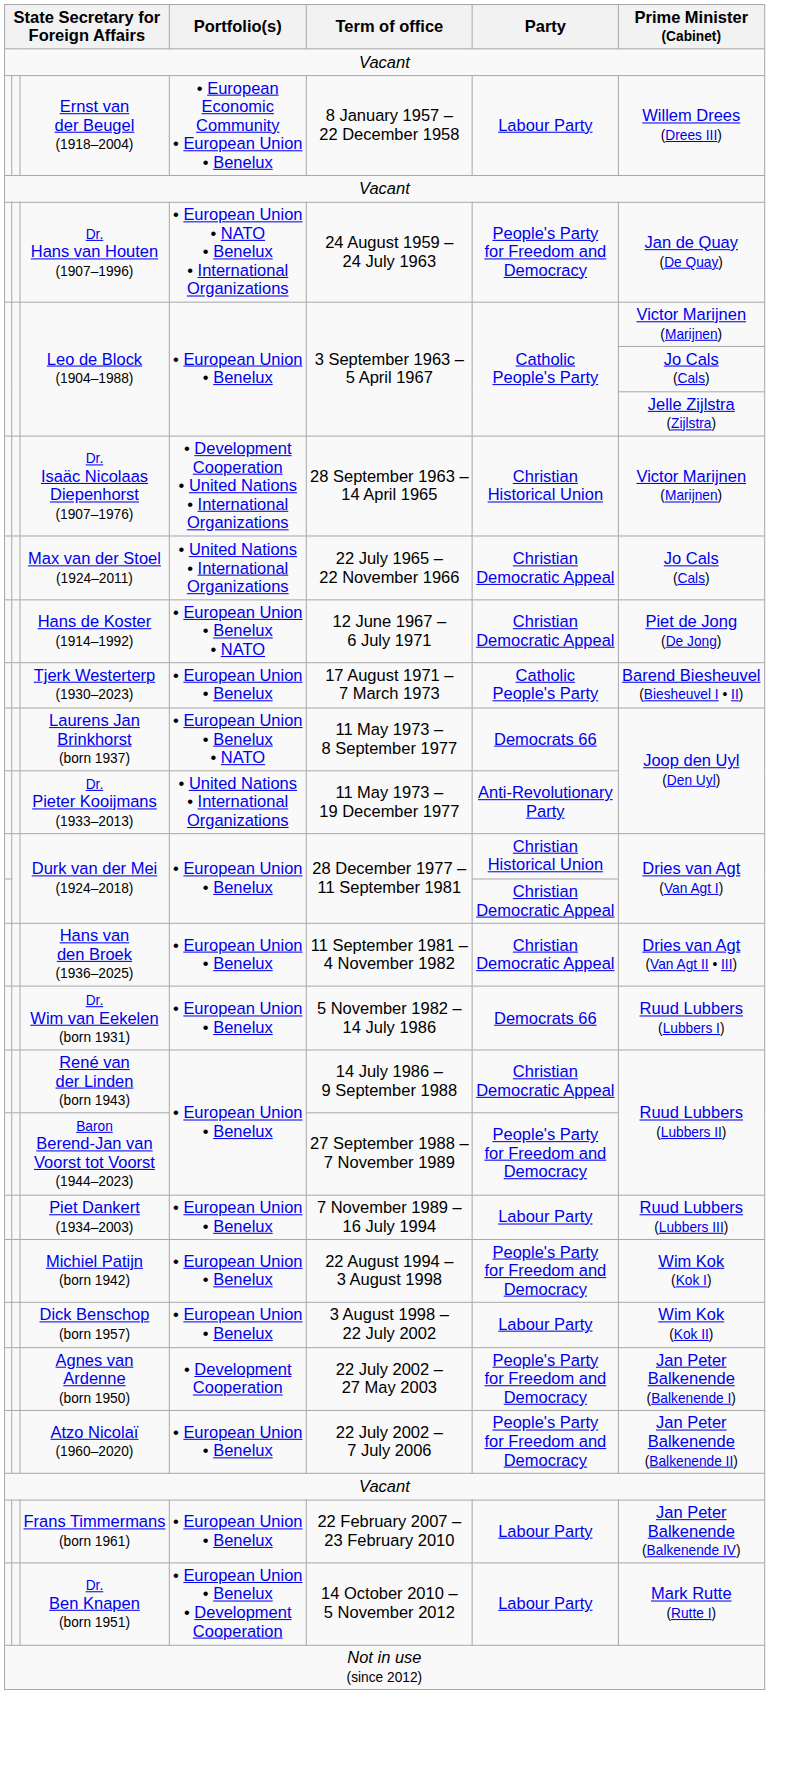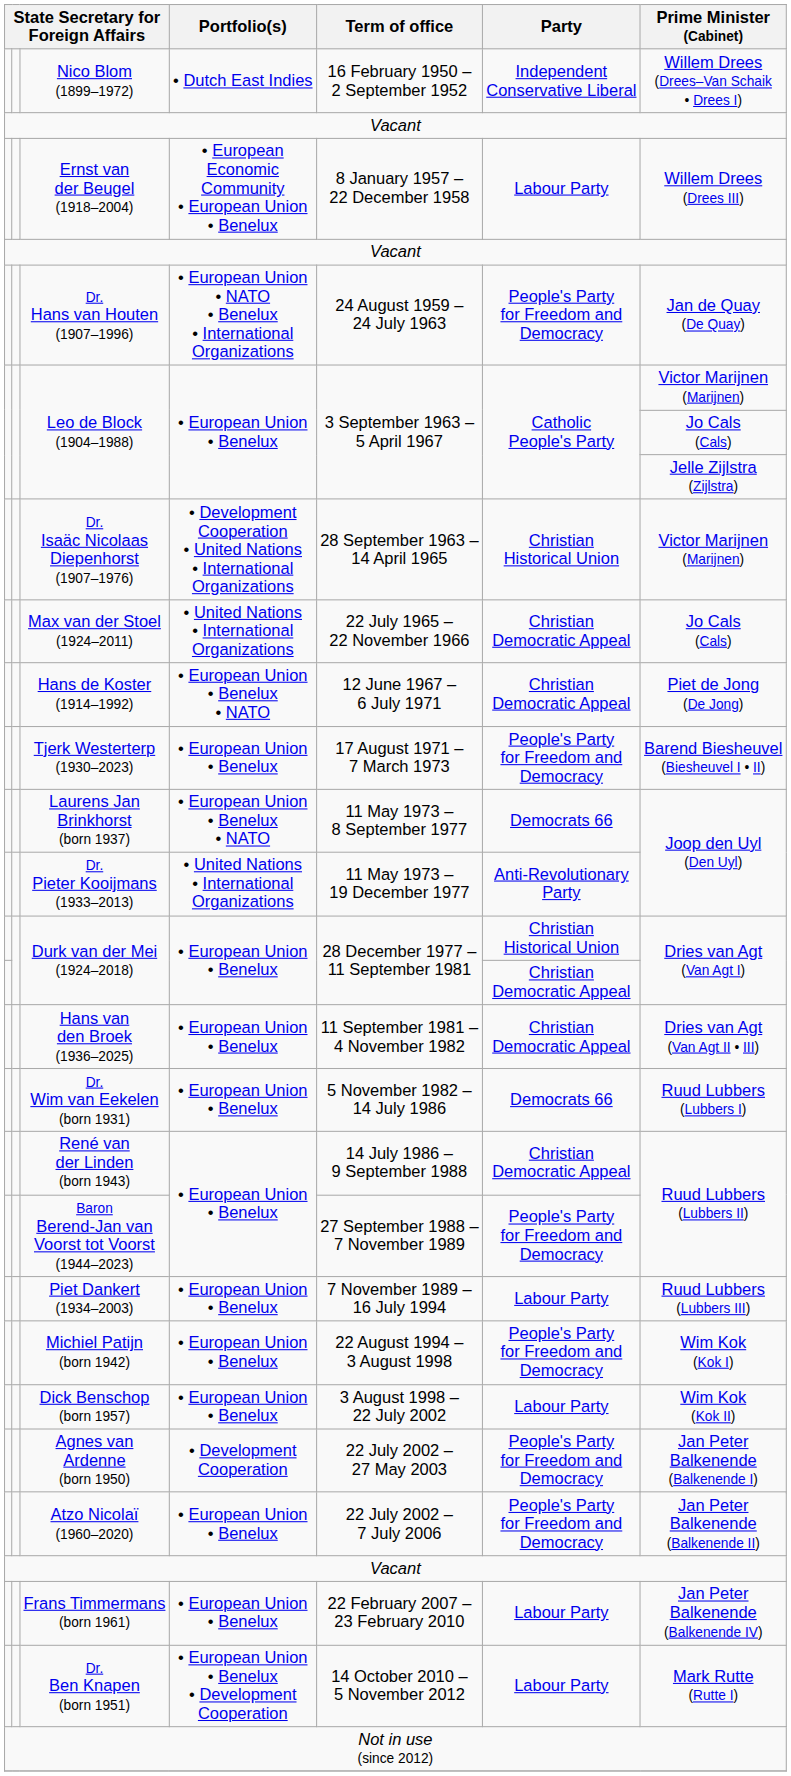 <table class="wikitable" style="text-align:center">
 <tr>
 <th colspan=3>State Secretary for <br> Foreign Affairs</th>
 <th>Portfolio(s)</th>
 <th>Term of office</th>
 <th>Party</th>
 <th>Prime Minister <br> <small>(Cabinet)</small></th>
+</tr>
+<tr>
+<td style="background:"></td>
+<td></td>
+<td><a href='#'>Nico Blom</a> <br> <small>(1899–1972)</small></td>
+<td>• <a href='#'>Dutch East Indies</a></td>
+<td>16 February 1950 – <br> 2 September 1952</td>
+<td><a href='#'>Independent</a> <br> <a href='#'>Conservative Liberal</a></td>
+<td><a href='#'>Willem Drees</a> <br> <small>(<a href='#'>Drees–Van Schaik</a> <br> • <a href='#'>Drees I</a>)</small> <br></td>
 </tr>
 <tr>
 <td colspan=7><em>Vacant</em></td>
 </tr>
 <tr>
 <td style="background:"></td>
 <td></td>
 <td><a href='#'>Ernst van <br> der Beugel</a> <br> <small>(1918–2004)</small></td>
 <td>• <a href='#'>European <br> Economic <br> Community</a> <br> • <a href='#'>European Union</a> <br> • <a href='#'>Benelux</a></td>
 <td>8 January 1957 – <br> 22 December 1958</td>
 <td><a href='#'>Labour Party</a></td>
 <td><a href='#'>Willem Drees</a> <br> <small>(<a href='#'>Drees III</a>)</small> <br></td>
 </tr>
 <tr>
 <td colspan=7><em>Vacant</em></td>
 </tr>
 <tr>
 <td style="background:"></td>
 <td></td>
 <td><small><a href='#'>Dr.</a></small> <br> <a href='#'>Hans van Houten</a> <br> <small>(1907–1996)</small></td>
 <td>• <a href='#'>European Union</a> <br> • <a href='#'>NATO</a> <br> • <a href='#'>Benelux</a> <br> • <a href='#'>International <br> Organizations</a></td>
 <td>24 August 1959 – <br> 24 July 1963</td>
 <td><a href='#'>People's Party <br> for Freedom and <br> Democracy</a></td>
 <td><a href='#'>Jan de Quay</a> <br> <small>(<a href='#'>De Quay</a>)</small> <br></td>
 </tr>
 <tr>
 <td rowspan=3 style="background:"></td>
 <td rowspan=3></td>
 <td rowspan=3><a href='#'>Leo de Block</a> <br> <small>(1904–1988)</small></td>
 <td rowspan=3>• <a href='#'>European Union</a> <br> • <a href='#'>Benelux</a></td>
 <td rowspan=3>3 September 1963 – <br> 5 April 1967</td>
 <td rowspan=3><a href='#'>Catholic <br> People's Party</a></td>
 <td><a href='#'>Victor Marijnen</a> <br> <small>(<a href='#'>Marijnen</a>)</small> <br></td>
 </tr>
 <tr>
 <td><a href='#'>Jo Cals</a> <br> <small>(<a href='#'>Cals</a>)</small> <br></td>
 </tr>
 <tr>
 <td><a href='#'>Jelle Zijlstra</a> <br> <small>(<a href='#'>Zijlstra</a>)</small> <br></td>
 </tr>
 <tr>
 <td style="background:"></td>
 <td></td>
 <td><small><a href='#'>Dr.</a></small> <br> <a href='#'>Isaäc Nicolaas <br> Diepenhorst</a> <br> <small>(1907–1976)</small></td>
 <td>• <a href='#'>Development <br> Cooperation</a> <br> • <a href='#'>United Nations</a> <br> • <a href='#'>International <br> Organizations</a></td>
 <td>28 September 1963 – <br> 14 April 1965</td>
 <td><a href='#'>Christian <br> Historical Union</a></td>
 <td><a href='#'>Victor Marijnen</a> <br> <small>(<a href='#'>Marijnen</a>)</small> <br></td>
 </tr>
 <tr>
 <td style="background:"></td>
 <td></td>
 <td><a href='#'>Max van der Stoel</a> <br> <small>(1924–2011)</small></td>
 <td>• <a href='#'>United Nations</a> <br> • <a href='#'>International <br> Organizations</a></td>
 <td>22 July 1965 – <br> 22 November 1966</td>
 <td><a href='#'>Christian <br> Democratic Appeal</a></td>
 <td><a href='#'>Jo Cals</a> <br> <small>(<a href='#'>Cals</a>)</small> <br></td>
 </tr>
 <tr>
 <td style="background:"></td>
 <td></td>
 <td><a href='#'>Hans de Koster</a> <br> <small>(1914–1992)</small></td>
 <td>• <a href='#'>European Union</a> <br> • <a href='#'>Benelux</a> <br> • <a href='#'>NATO</a></td>
 <td>12 June 1967 – <br> 6 July 1971</td>
 <td><a href='#'>Christian <br> Democratic Appeal</a></td>
 <td><a href='#'>Piet de Jong</a> <br> <small>(<a href='#'>De Jong</a>)</small> <br></td>
 </tr>
 <tr>
 <td style="background:"></td>
 <td></td>
 <td><a href='#'>Tjerk Westerterp</a> <br> <small>(1930–2023)</small></td>
 <td>• <a href='#'>European Union</a> <br> • <a href='#'>Benelux</a></td>
 <td>17 August 1971 – <br> 7 March 1973 <br> </td>
-<td><a href='#'>Catholic <br> People's Party</a></td>
+<td><a href='#'>People's Party <br> for Freedom and <br> Democracy</a></td>
 <td><a href='#'>Barend Biesheuvel</a> <br> <small>(<a href='#'>Biesheuvel I</a> • <a href='#'>II</a>)</small> <br></td>
 </tr>
 <tr>
 <td style="background:"></td>
 <td></td>
 <td><a href='#'>Laurens Jan <br> Brinkhorst</a> <br> <small>(born 1937)</small></td>
 <td>• <a href='#'>European Union</a> <br> • <a href='#'>Benelux</a> <br> • <a href='#'>NATO</a></td>
 <td>11 May 1973 – <br> 8 September 1977 <br> </td>
 <td><a href='#'>Democrats 66</a></td>
 <td rowspan=2><a href='#'>Joop den Uyl</a> <br> <small>(<a href='#'>Den Uyl</a>)</small> <br></td>
 </tr>
 <tr>
 <td style="background:"></td>
 <td></td>
 <td><small><a href='#'>Dr.</a></small> <br> <a href='#'>Pieter Kooijmans</a> <br> <small>(1933–2013)</small></td>
 <td>• <a href='#'>United Nations</a> <br> • <a href='#'>International <br> Organizations</a></td>
 <td>11 May 1973 – <br> 19 December 1977</td>
 <td><a href='#'>Anti-Revolutionary <br> Party</a></td>
 </tr>
 <tr>
 <td style="background:"></td>
 <td rowspan=2></td>
 <td rowspan=2><a href='#'>Durk van der Mei</a> <br> <small>(1924–2018)</small></td>
 <td rowspan=2>• <a href='#'>European Union</a> <br> • <a href='#'>Benelux</a></td>
 <td rowspan=2>28 December 1977 – <br> 11 September 1981</td>
 <td><a href='#'>Christian <br> Historical Union</a></td>
 <td rowspan=2><a href='#'>Dries van Agt</a> <br> <small>(<a href='#'>Van Agt I</a>)</small> <br></td>
 </tr>
 <tr>
 <td style="background:"></td>
 <td><a href='#'>Christian <br> Democratic Appeal</a></td>
 </tr>
 <tr>
 <td style="background:"></td>
 <td></td>
 <td><a href='#'>Hans van <br> den Broek</a> <br> <small>(1936–2025)</small></td>
 <td>• <a href='#'>European Union</a> <br> • <a href='#'>Benelux</a></td>
 <td>11 September 1981 – <br> 4 November 1982</td>
 <td><a href='#'>Christian <br> Democratic Appeal</a></td>
 <td><a href='#'>Dries van Agt</a> <br> <small>(<a href='#'>Van Agt II</a> • <a href='#'>III</a>)</small> <br></td>
 </tr>
 <tr>
 <td style="background:"></td>
 <td></td>
 <td><small><a href='#'>Dr.</a></small> <br> <a href='#'>Wim van Eekelen</a> <br> <small>(born 1931)</small></td>
 <td>• <a href='#'>European Union</a> <br> • <a href='#'>Benelux</a></td>
 <td>5 November 1982 – <br> 14 July 1986</td>
 <td><a href='#'>Democrats 66</a></td>
 <td><a href='#'>Ruud Lubbers</a> <br> <small>(<a href='#'>Lubbers I</a>)</small> <br></td>
 </tr>
 <tr>
 <td style="background:"></td>
 <td></td>
 <td><a href='#'>René van <br> der Linden</a> <br> <small>(born 1943)</small></td>
 <td rowspan=2>• <a href='#'>European Union</a> <br> • <a href='#'>Benelux</a></td>
 <td>14 July 1986 – <br> 9 September 1988 <br> </td>
 <td><a href='#'>Christian <br> Democratic Appeal</a></td>
 <td rowspan=2><a href='#'>Ruud Lubbers</a> <br> <small>(<a href='#'>Lubbers II</a>)</small> <br></td>
 </tr>
 <tr>
 <td style="background:"></td>
 <td></td>
 <td><small><a href='#'>Baron</a></small> <br> <a href='#'>Berend-Jan van <br> Voorst tot Voorst</a> <br> <small>(1944–2023)</small></td>
 <td>27 September 1988 – <br> 7 November 1989</td>
 <td><a href='#'>People's Party <br> for Freedom and <br> Democracy</a></td>
 </tr>
 <tr>
 <td style="background:"></td>
 <td></td>
 <td><a href='#'>Piet Dankert</a> <br> <small>(1934–2003)</small></td>
 <td>• <a href='#'>European Union</a> <br> • <a href='#'>Benelux</a></td>
 <td>7 November 1989 – <br> 16 July 1994 <br> </td>
 <td><a href='#'>Labour Party</a></td>
 <td><a href='#'>Ruud Lubbers</a> <br> <small>(<a href='#'>Lubbers III</a>)</small> <br></td>
 </tr>
 <tr>
 <td style="background:"></td>
 <td></td>
 <td><a href='#'>Michiel Patijn</a> <br> <small>(born 1942)</small></td>
 <td>• <a href='#'>European Union</a> <br> • <a href='#'>Benelux</a></td>
 <td>22 August 1994 – <br> 3 August 1998</td>
 <td><a href='#'>People's Party <br> for Freedom and <br> Democracy</a></td>
 <td><a href='#'>Wim Kok</a> <br> <small>(<a href='#'>Kok I</a>)</small> <br></td>
 </tr>
 <tr>
 <td style="background:"></td>
 <td></td>
 <td><a href='#'>Dick Benschop</a> <br> <small>(born 1957)</small></td>
 <td>• <a href='#'>European Union</a> <br> • <a href='#'>Benelux</a></td>
 <td>3 August 1998 – <br> 22 July 2002</td>
 <td><a href='#'>Labour Party</a></td>
 <td><a href='#'>Wim Kok</a> <br> <small>(<a href='#'>Kok II</a>)</small> <br></td>
 </tr>
 <tr>
 <td style="background:"></td>
 <td></td>
 <td><a href='#'>Agnes van <br> Ardenne</a> <br> <small>(born 1950)</small></td>
 <td>• <a href='#'>Development <br> Cooperation</a> <br> </td>
 <td>22 July 2002 – <br> 27 May 2003</td>
 <td><a href='#'>People's Party <br> for Freedom and <br> Democracy</a></td>
 <td rowspan=2><a href='#'>Jan Peter <br> Balkenende</a> <br> <small>(<a href='#'>Balkenende I</a>)</small> <br></td>
 </tr>
 <tr>
 <td rowspan=2 style="background:"></td>
 <td rowspan=2></td>
 <td rowspan=2><a href='#'>Atzo Nicolaï</a> <br> <small>(1960–2020)</small></td>
 <td rowspan=2>• <a href='#'>European Union</a> <br> • <a href='#'>Benelux</a> <br> </td>
 <td rowspan=2>22 July 2002 – <br> 7 July 2006</td>
 <td rowspan=2><a href='#'>People's Party <br> for Freedom and <br> Democracy</a></td>
 </tr>
 <tr>
 <td><a href='#'>Jan Peter <br> Balkenende</a> <br> <small>(<a href='#'>Balkenende II</a>)</small> <br></td>
 </tr>
 <tr>
 <td colspan=7><em>Vacant</em></td>
 </tr>
 <tr>
 <td style="background:"></td>
 <td></td>
 <td><a href='#'>Frans Timmermans</a> <br> <small>(born 1961)</small></td>
 <td>• <a href='#'>European Union</a> <br> • <a href='#'>Benelux</a> <br> </td>
 <td>22 February 2007 – <br> 23 February 2010 <br> </td>
 <td><a href='#'>Labour Party</a></td>
 <td><a href='#'>Jan Peter <br> Balkenende</a> <br> <small>(<a href='#'>Balkenende IV</a>)</small> <br></td>
 </tr>
 <tr>
 <td style="background:"></td>
 <td></td>
 <td><small><a href='#'>Dr.</a></small> <br> <a href='#'>Ben Knapen</a> <br> <small>(born 1951)</small></td>
 <td>• <a href='#'>European Union</a> <br> • <a href='#'>Benelux</a> <br> • <a href='#'>Development <br> Cooperation</a> <br> </td>
 <td>14 October 2010 – <br> 5 November 2012</td>
 <td><a href='#'>Labour Party</a></td>
 <td><a href='#'>Mark Rutte</a> <br> <small>(<a href='#'>Rutte I</a>)</small> <br></td>
 </tr>
 <tr>
 <td colspan=7><em>Not in use</em> <br> <small>(since 2012)</small></td>
 </tr>
 <tr>
 </tr>
 </table>
